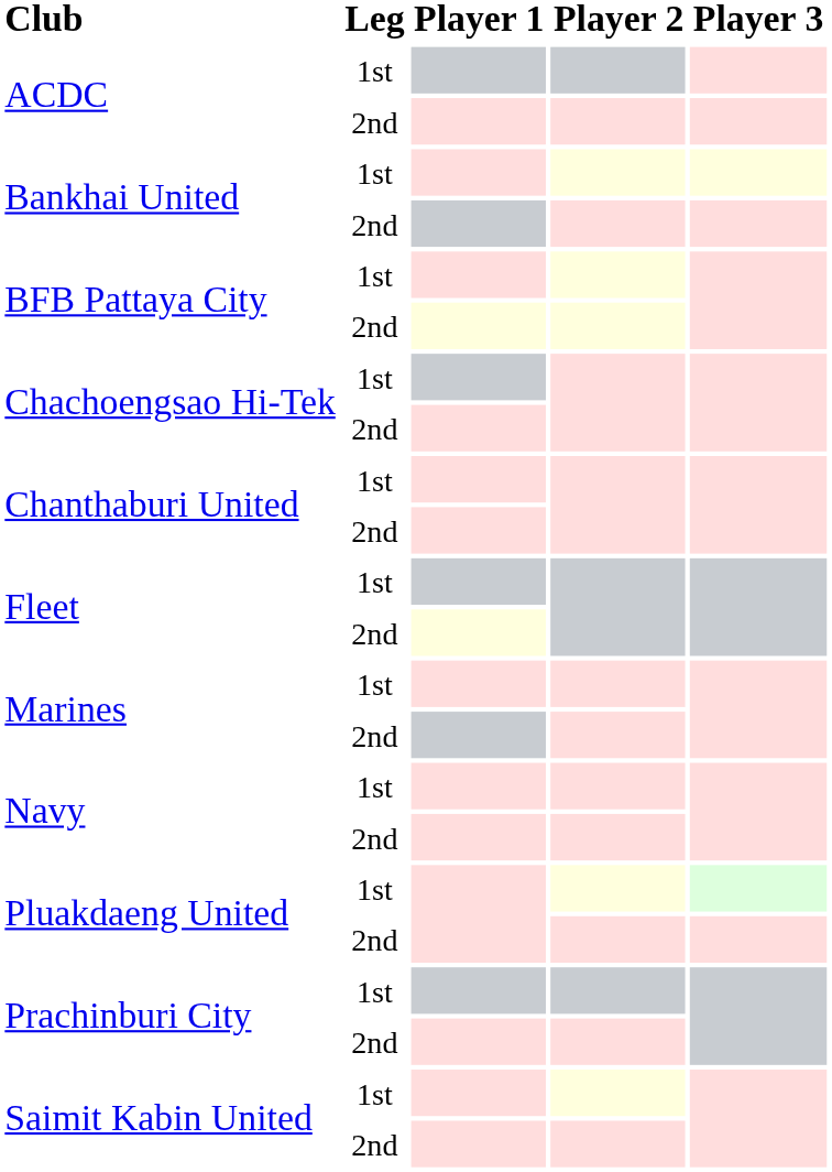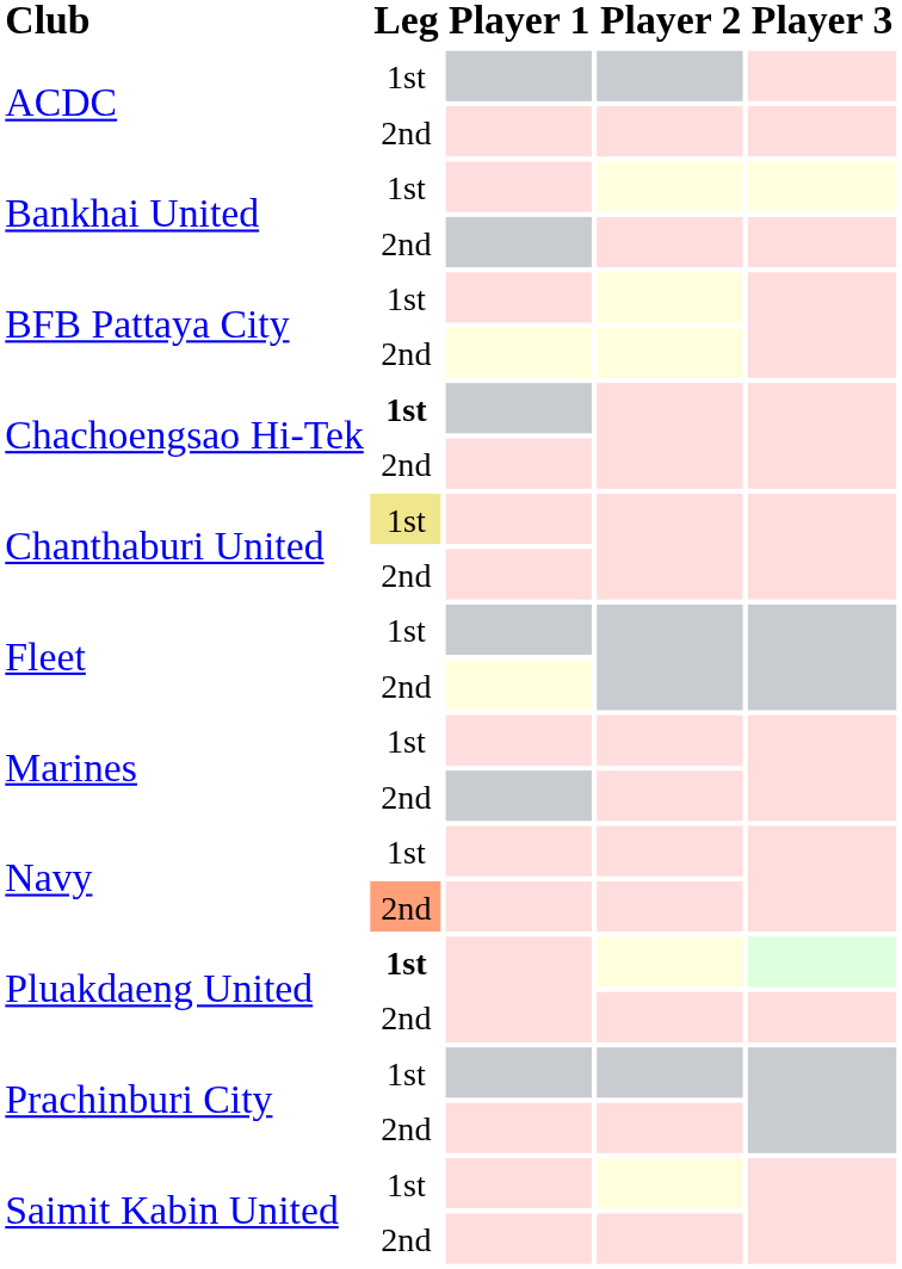 <table class="sortable" style="text-align:left">
 <tr>
 <th>Club</th>
 <th>Leg</th>
 <th>Player 1</th>
 <th>Player 2</th>
 <th>Player 3</th>
 </tr>
 <tr>
 <td rowspan="2"><a href='#'>ACDC</a></td>
 <td align="center"><small>1st</small></td>
 <td bgcolor="#c8ccd1"></td>
 <td bgcolor="#c8ccd1"></td>
 <td bgcolor="#ffdddd"></td>
 </tr>
 <tr>
 <td align="center"><small>2nd</small></td>
 <td bgcolor="#ffdddd"></td>
 <td bgcolor="#ffdddd"></td>
 <td bgcolor="#ffdddd"></td>
 </tr>
 <tr>
 <td rowspan="2"><a href='#'>Bankhai United</a></td>
 <td align="center"><small>1st</small></td>
 <td bgcolor="#ffdddd"></td>
 <td bgcolor="#ffffdd"></td>
 <td bgcolor="#ffffdd"></td>
 </tr>
 <tr>
 <td align="center"><small>2nd</small></td>
 <td bgcolor="#c8ccd1"></td>
 <td bgcolor="#ffdddd"></td>
 <td bgcolor="#ffdddd"></td>
 </tr>
 <tr>
 <td rowspan="2"><a href='#'>BFB Pattaya City</a></td>
 <td align="center"><small>1st</small></td>
 <td bgcolor="#ffdddd"></td>
 <td bgcolor="#ffffdd"></td>
 <td bgcolor="#ffdddd"rowspan="2"></td>
 </tr>
 <tr>
 <td align="center"><small>2nd</small></td>
 <td bgcolor="#ffffdd"></td>
 <td bgcolor="#ffffdd"></td>
 </tr>
 <tr>
 <td rowspan="2"><a href='#'>Chachoengsao Hi-Tek</a></td>
-<td align="center"><small>1st</small></td>
+<td align="center"><strong><small>1st</small></strong></td>
 <td bgcolor="#c8ccd1"></td>
 <td bgcolor="#ffdddd"rowspan="2"></td>
 <td bgcolor="#ffdddd"rowspan="2"></td>
 </tr>
 <tr>
 <td align="center"><small>2nd</small></td>
 <td bgcolor="#ffdddd"></td>
 </tr>
 <tr>
 <td rowspan="2"><a href='#'>Chanthaburi United</a></td>
-<td align="center"><small>1st</small></td>
+<td align="center" style="background: khaki;"><small>1st</small></td>
 <td bgcolor="#ffdddd"></td>
 <td bgcolor="#ffdddd"rowspan="2"></td>
 <td bgcolor="#ffdddd"rowspan="2"></td>
 </tr>
 <tr>
 <td align="center"><small>2nd</small></td>
 <td bgcolor="#ffdddd"></td>
 </tr>
 <tr>
 <td rowspan="2"><a href='#'>Fleet</a></td>
 <td align="center"><small>1st</small></td>
 <td bgcolor="#c8ccd1"></td>
 <td bgcolor="#c8ccd1"rowspan="2"></td>
 <td bgcolor="#c8ccd1"rowspan="2"></td>
 </tr>
 <tr>
 <td align="center"><small>2nd</small></td>
 <td bgcolor="#ffffdd"></td>
 </tr>
 <tr>
 <td rowspan="2"><a href='#'>Marines</a></td>
 <td align="center"><small>1st</small></td>
 <td bgcolor="#ffdddd"></td>
 <td bgcolor="#ffdddd"></td>
 <td bgcolor="#ffdddd"rowspan="2"></td>
 </tr>
 <tr>
 <td align="center"><small>2nd</small></td>
 <td bgcolor="#c8ccd1"></td>
 <td bgcolor="#ffdddd"></td>
 </tr>
 <tr>
 <td rowspan="2"><a href='#'>Navy</a></td>
 <td align="center"><small>1st</small></td>
 <td bgcolor="#ffdddd"></td>
 <td bgcolor="#ffdddd"></td>
 <td bgcolor="#ffdddd"rowspan="2"></td>
 </tr>
 <tr>
-<td align="center"><small>2nd</small></td>
+<td align="center" style="background: lightsalmon;"><small>2nd</small></td>
 <td bgcolor="#ffdddd"></td>
 <td bgcolor="#ffdddd"></td>
 </tr>
 <tr>
 <td rowspan="2"><a href='#'>Pluakdaeng United</a></td>
-<td align="center"><small>1st</small></td>
+<td align="center"><strong><small>1st</small></strong></td>
 <td bgcolor="#ffdddd"rowspan="2"></td>
 <td bgcolor="#ffffdd"></td>
 <td bgcolor="#ddffdd"></td>
 </tr>
 <tr>
 <td align="center"><small>2nd</small></td>
 <td bgcolor="#ffdddd"></td>
 <td bgcolor="#ffdddd"></td>
 </tr>
 <tr>
 <td rowspan="2"><a href='#'>Prachinburi City</a></td>
 <td align="center"><small>1st</small></td>
 <td bgcolor="#c8ccd1"></td>
 <td bgcolor="#c8ccd1"></td>
 <td bgcolor="#c8ccd1"rowspan="2"></td>
 </tr>
 <tr>
 <td align="center"><small>2nd</small></td>
 <td bgcolor="#ffdddd"></td>
 <td bgcolor="#ffdddd"></td>
 </tr>
 <tr>
 <td rowspan="2"><a href='#'>Saimit Kabin United</a></td>
 <td align="center"><small>1st</small></td>
 <td bgcolor="#ffdddd"></td>
 <td bgcolor="#ffffdd"></td>
 <td bgcolor="#ffdddd"rowspan="2"></td>
 </tr>
 <tr>
 <td align="center"><small>2nd</small></td>
 <td bgcolor="#ffdddd"></td>
 <td bgcolor="#ffdddd"></td>
 </tr>
 </table>
